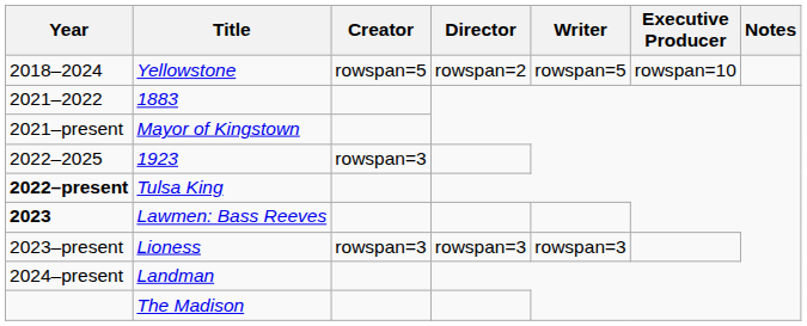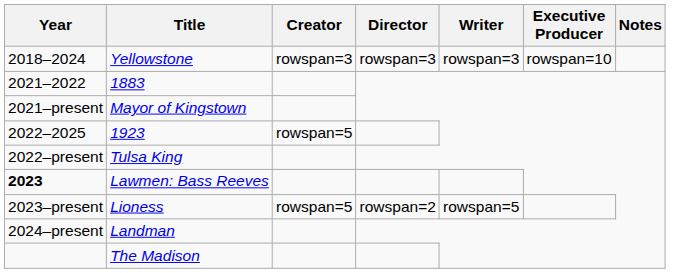 <table class="wikitable sortable">
 <tr>
 <th>Year</th>
 <th>Title</th>
 <th width=65>Creator</th>
 <th width=65>Director</th>
 <th width=65>Writer</th>
 <th width=65>Executive<br>Producer</th>
 <th>Notes</th>
 </tr>
 <tr>
 <td>2018–2024</td>
 <td><em><a href='#'>Yellowstone</a></em></td>
-<td>rowspan=5 </td>
-<td>rowspan=2 </td>
-<td>rowspan=5 </td>
+<td>rowspan=3 </td>
+<td>rowspan=3 </td>
+<td>rowspan=3 </td>
 <td>rowspan=10 </td>
 <td></td>
 </tr>
 <tr>
 <td>2021–2022</td>
 <td><em><a href='#'>1883</a></em></td>
 <td></td>
 </tr>
 <tr>
 <td>2021–present</td>
 <td><em><a href='#'>Mayor of Kingstown</a></em></td>
 <td></td>
 </tr>
 <tr>
 <td>2022–2025</td>
 <td><em><a href='#'>1923</a></em></td>
-<td>rowspan=3 </td>
+<td>rowspan=5 </td>
 <td></td>
 </tr>
 <tr>
-<td><strong>2022–present</strong></td>
+<td>2022–present</td>
 <td><em><a href='#'>Tulsa King</a></em></td>
 <td></td>
 </tr>
 <tr>
 <td><strong>2023</strong></td>
 <td><em><a href='#'>Lawmen: Bass Reeves</a></em></td>
 <td></td>
 <td></td>
 <td></td>
 </tr>
 <tr>
 <td>2023–present</td>
 <td><em><a href='#'>Lioness</a></em></td>
-<td>rowspan=3 </td>
-<td>rowspan=3 </td>
-<td>rowspan=3 </td>
+<td>rowspan=5 </td>
+<td>rowspan=2 </td>
+<td>rowspan=5 </td>
 <td></td>
 </tr>
 <tr>
 <td>2024–present</td>
 <td><em><a href='#'>Landman</a></em></td>
 <td></td>
 </tr>
 <tr>
 <td></td>
 <td scope="row"><em><a href='#'>The Madison</a></em></td>
 <td></td>
 <td></td>
 </tr>
 </table>
